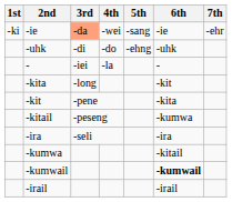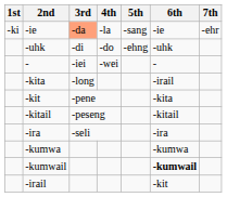 <table class="wikitable">
 <tr>
 <th>1st</th>
 <th>2nd</th>
 <th>3rd</th>
 <th>4th</th>
 <th>5th</th>
 <th>6th</th>
 <th>7th</th>
 </tr>
 <tr>
 <td>-ki</td>
 <td>-ie</td>
 <td style="background: lightsalmon;">-da</td>
-<td>-wei</td>
+<td>-la</td>
 <td>-sang</td>
 <td>-ie</td>
 <td>-ehr</td>
 </tr>
 <tr>
 <td></td>
 <td>-uhk</td>
 <td>-di</td>
 <td>-do</td>
 <td>-ehng</td>
 <td>-uhk</td>
 <td></td>
 </tr>
 <tr>
 <td></td>
 <td>-</td>
 <td>-iei</td>
-<td>-la</td>
+<td>-wei</td>
 <td></td>
 <td>-</td>
 <td></td>
 </tr>
 <tr>
 <td></td>
 <td>-kita</td>
 <td>-long</td>
 <td></td>
 <td></td>
-<td>-kit</td>
+<td>-irail</td>
 <td></td>
 </tr>
 <tr>
 <td></td>
 <td>-kit</td>
 <td colspan="2">-pene</td>
 <td></td>
 <td>-kita</td>
 <td></td>
 </tr>
 <tr>
 <td></td>
 <td>-kitail</td>
 <td colspan="2">-peseng</td>
 <td></td>
-<td>-kumwa</td>
+<td>-kitail</td>
 <td></td>
 </tr>
 <tr>
 <td></td>
 <td>-ira</td>
 <td colspan="2">-seli</td>
 <td></td>
 <td>-ira</td>
 <td></td>
 </tr>
 <tr>
 <td></td>
 <td>-kumwa</td>
 <td></td>
 <td></td>
 <td></td>
-<td>-kitail</td>
+<td>-kumwa</td>
 <td></td>
 </tr>
 <tr>
 <td></td>
 <td>-kumwail</td>
 <td></td>
 <td></td>
 <td></td>
 <td><strong>-kumwail</strong></td>
 <td></td>
 </tr>
 <tr>
 <td></td>
 <td>-irail</td>
 <td></td>
 <td></td>
 <td></td>
-<td>-irail</td>
+<td>-kit</td>
 <td></td>
 </tr>
 </table>
